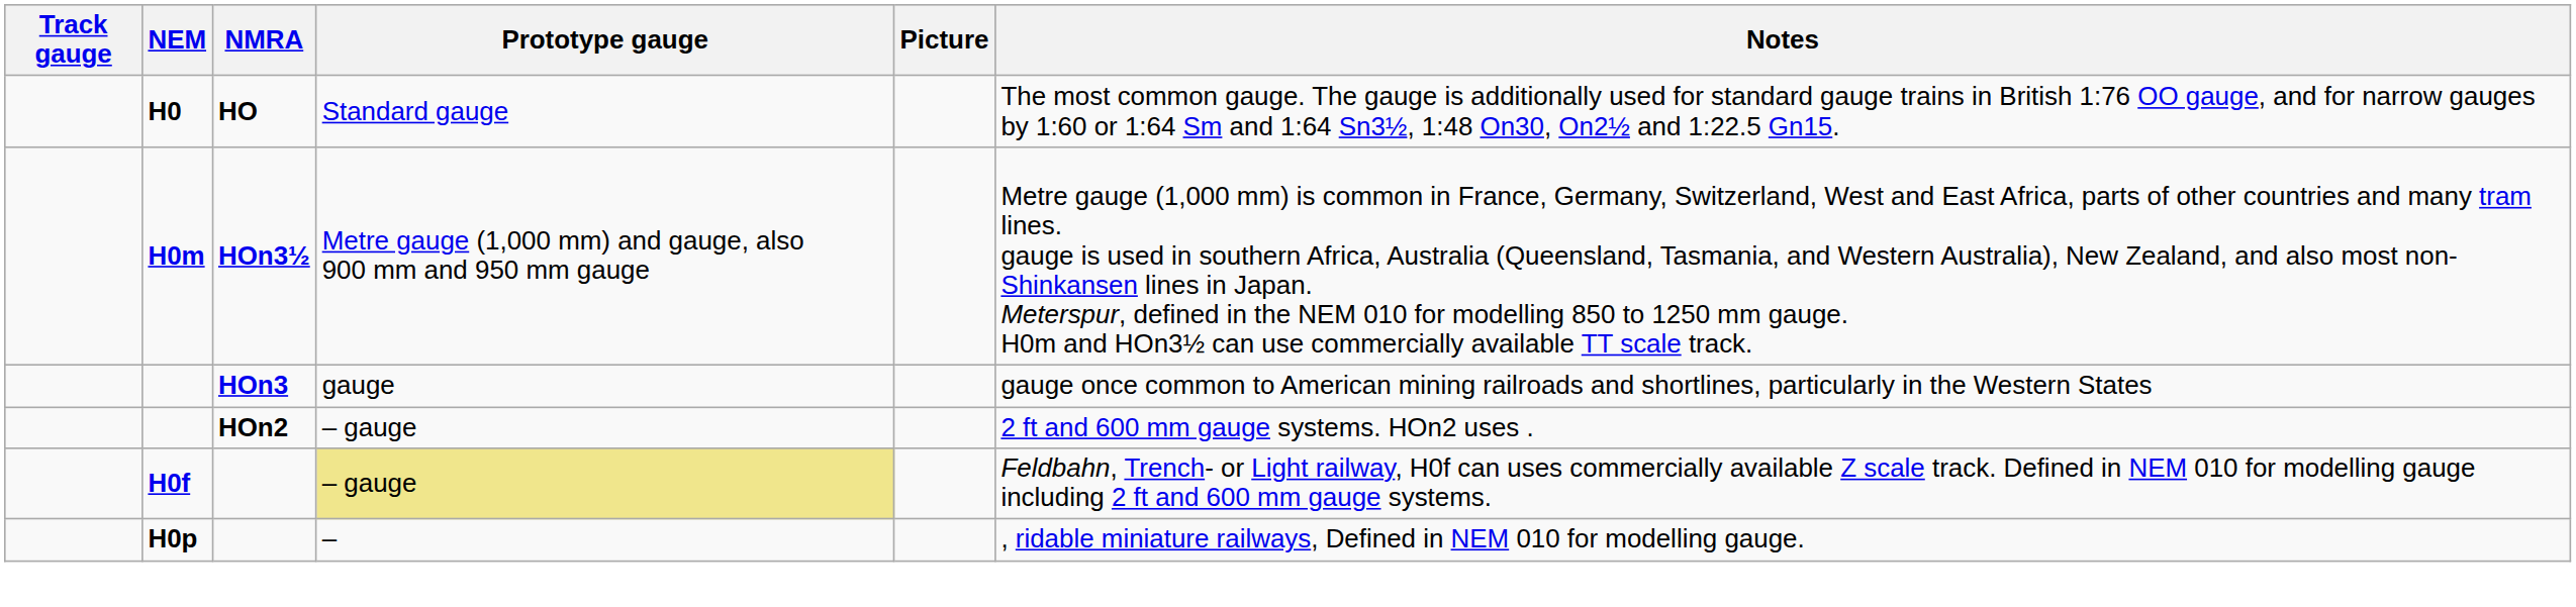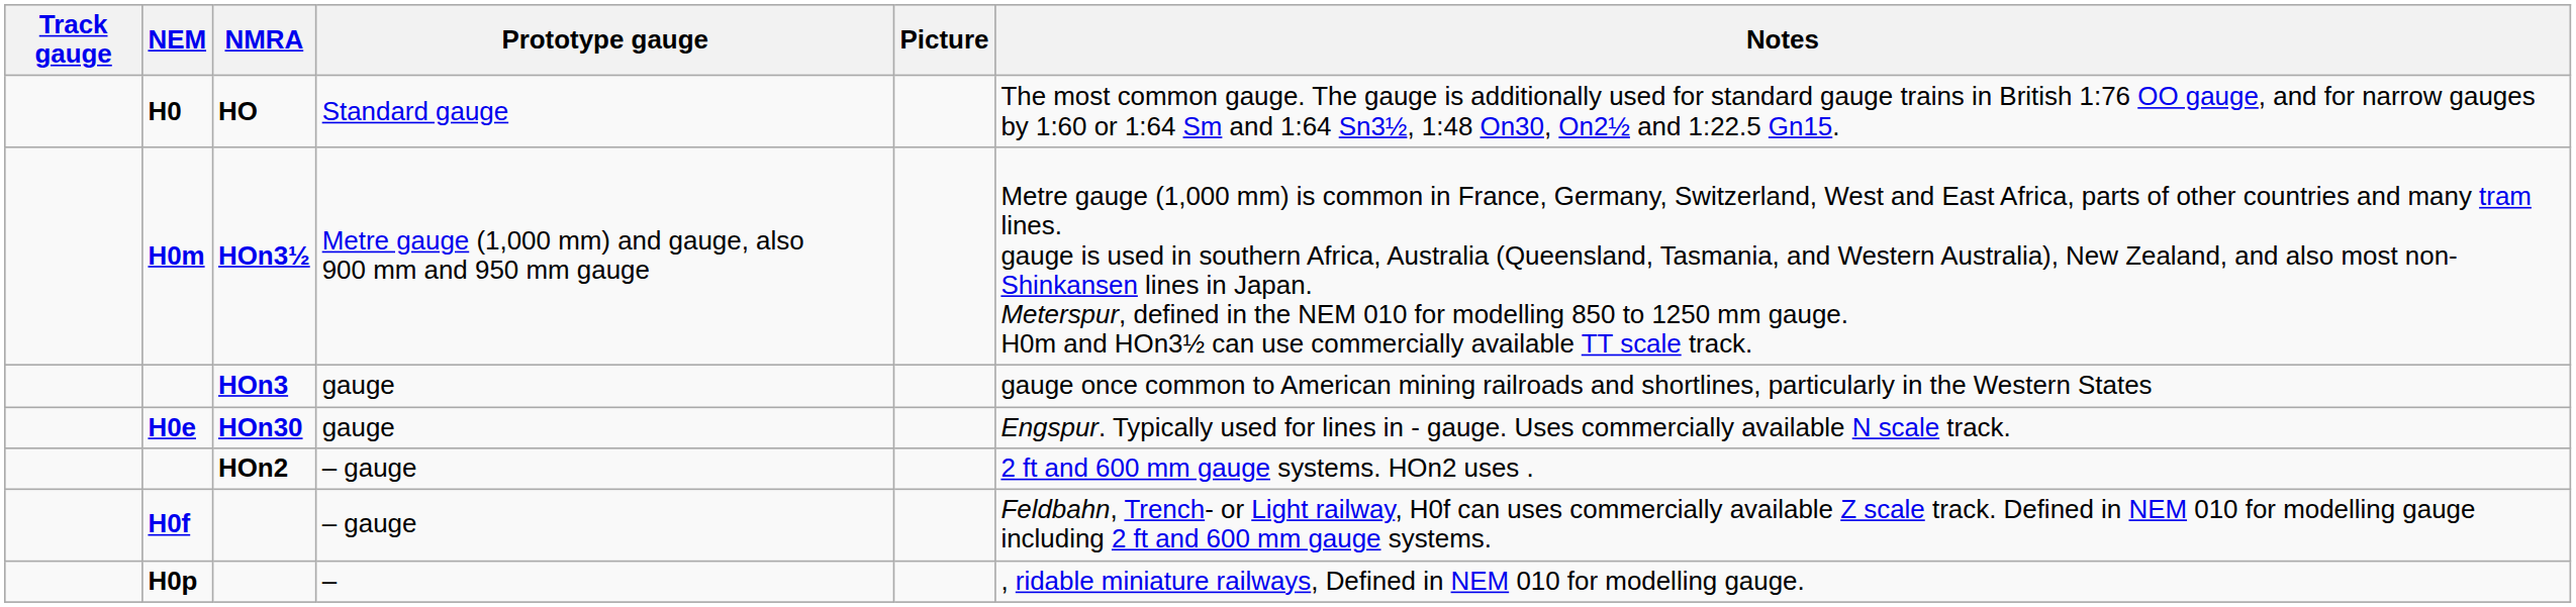 <table class="wikitable sortable">
 <tr>
 <th data-sort-type="number"><a href='#'>Track gauge</a></th>
 <th class="unsortable"><a href='#'>NEM</a></th>
 <th class="unsortable"><a href='#'>NMRA</a></th>
 <th data-sort-type="number">Prototype gauge</th>
 <th class="unsortable">Picture</th>
 <th>Notes</th>
 </tr>
 <tr>
 <td></td>
 <td><strong>H0</strong></td>
 <td><strong>HO</strong></td>
 <td data-sort-value="1435"><a href='#'>Standard gauge</a></td>
 <td></td>
 <td>The most common gauge. The  gauge is additionally used for standard gauge trains in British 1:76 <a href='#'>OO gauge</a>, and for narrow gauges by 1:60 or 1:64 <a href='#'>Sm</a> and 1:64 <a href='#'>Sn3½</a>, 1:48 <a href='#'>On30</a>, <a href='#'>On2½</a> and 1:22.5 <a href='#'>Gn15</a>.</td>
 </tr>
 <tr>
 <td></td>
 <td><strong><a href='#'>H0m</a></strong></td>
 <td><strong><a href='#'>HOn3½</a></strong></td>
 <td data-sort-value="1000"><a href='#'>Metre gauge</a> (1,000 mm) and  gauge, also 900 mm and 950 mm gauge</td>
 <td></td>
 <td><br>Metre gauge  (1,000 mm) is common in France, Germany, Switzerland, West and East Africa, parts of other countries and many <a href='#'>tram</a> lines.<br>  gauge is used in southern Africa, Australia (Queensland, Tasmania, and Western Australia), New Zealand, and also most non-<a href='#'>Shinkansen</a> lines in Japan.<br> <em>Meterspur</em>, defined in the NEM 010 for modelling 850 to 1250 mm gauge.<br> H0m and HOn3½ can use commercially available <a href='#'>TT scale</a> track.</td>
 </tr>
 <tr>
 <td></td>
 <td></td>
 <td><strong><a href='#'>HOn3</a></strong></td>
 <td data-sort-value="914"> gauge</td>
 <td></td>
 <td> gauge once common to American mining railroads and shortlines, particularly in the Western States</td>
 </tr>
 <tr>
 <td></td>
+<td><strong><a href='#'>H0e</a></strong></td>
+<td><strong><a href='#'>HOn30</a></strong></td>
+<td data-sort-value="762"> gauge</td>
+<td></td>
+<td><em>Engspur</em>. Typically used for lines in - gauge. Uses commercially available <a href='#'>N scale</a> track.</td>
+</tr>
+<tr>
+<td></td>
 <td></td>
 <td><strong>HOn2</strong></td>
 <td data-sort-value="600">– gauge</td>
 <td></td>
 <td><a href='#'>2 ft and 600 mm gauge</a> systems. HOn2 uses .</td>
 </tr>
 <tr>
 <td></td>
 <td><strong><a href='#'>H0f</a></strong></td>
 <td></td>
-<td data-sort-value="600" style="background: khaki;">– gauge</td>
+<td data-sort-value="600">– gauge</td>
 <td></td>
 <td><em>Feldbahn</em>, <a href='#'>Trench</a>- or <a href='#'>Light railway</a>, H0f can uses commercially available <a href='#'>Z scale</a> track. Defined in <a href='#'>NEM</a> 010 for modelling  gauge including <a href='#'>2 ft and 600 mm gauge</a> systems.</td>
 </tr>
 <tr>
 <td></td>
 <td><strong>H0p</strong></td>
 <td></td>
 <td data-sort-value="300">‒</td>
 <td></td>
 <td><em></em>, <a href='#'>ridable miniature railways</a>, Defined in <a href='#'>NEM</a> 010 for modelling  gauge.</td>
 </tr>
 </table>
